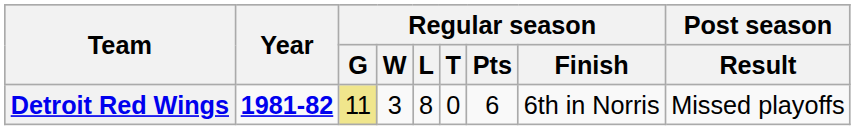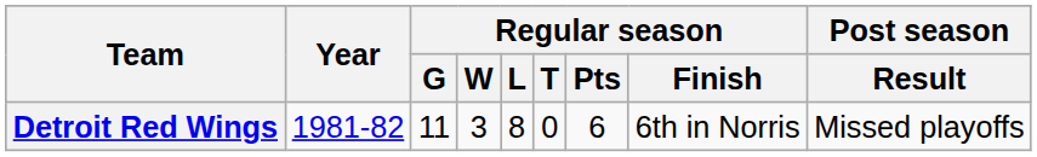 <table class="wikitable" style="font-size: 95%; text-align:center;">
 <tr>
 <th rowspan="2">Team</th>
 <th rowspan="2">Year</th>
 <th colspan="6">Regular season</th>
 <th colspan="1">Post season</th>
 </tr>
 <tr>
 <th>G</th>
 <th>W</th>
 <th>L</th>
 <th>T</th>
 <th>Pts</th>
 <th>Finish</th>
 <th>Result</th>
 </tr>
 <tr>
 <th><a href='#'>Detroit Red Wings</a></th>
-<td><strong><a href='#'>1981-82</a></strong></td>
-<td style="background: khaki;">11</td>
+<td><a href='#'>1981-82</a></td>
+<td>11</td>
 <td>3</td>
 <td>8</td>
 <td>0</td>
 <td>6</td>
 <td>6th in Norris</td>
 <td>Missed playoffs</td>
 </tr>
 </table>
